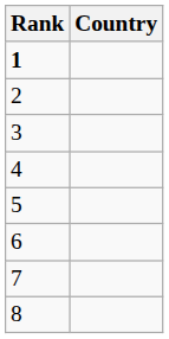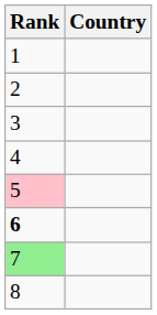 <table class="wikitable">
 <tr>
 <th>Rank</th>
 <th>Country</th>
 </tr>
 <tr>
-<td><strong>1</strong></td>
+<td>1</td>
 <td></td>
 </tr>
 <tr>
 <td>2</td>
 <td></td>
 </tr>
 <tr>
 <td>3</td>
 <td></td>
 </tr>
 <tr>
 <td>4</td>
 <td></td>
 </tr>
 <tr>
-<td>5</td>
+<td style="background: pink;">5</td>
 <td></td>
 </tr>
 <tr>
-<td>6</td>
+<td><strong>6</strong></td>
 <td></td>
 </tr>
 <tr>
-<td>7</td>
+<td style="background: lightgreen;">7</td>
 <td></td>
 </tr>
 <tr>
 <td>8</td>
 <td></td>
 </tr>
 </table>
